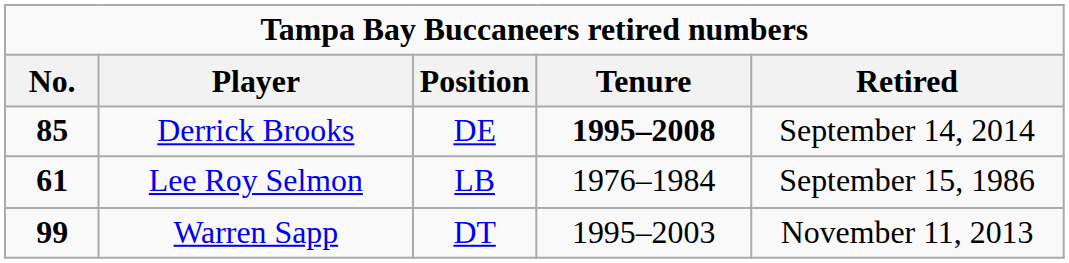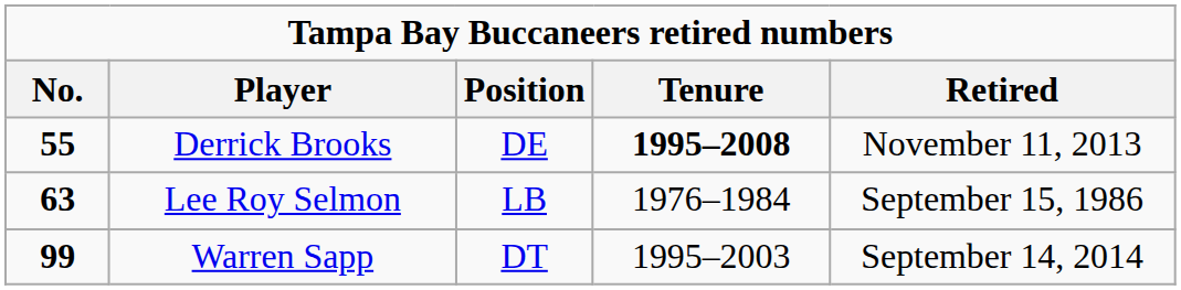 <table class="wikitable sortable" style="text-align:center">
 <tr>
 <td colspan="5"><strong>Tampa Bay Buccaneers retired numbers</strong></td>
 </tr>
 <tr>
 <th style="width:40px; ">No.</th>
 <th style="width:150px; ">Player</th>
 <th style="width:40px; ">Position</th>
 <th style="width:100px; ">Tenure</th>
 <th style="width:150px; ">Retired</th>
 </tr>
 <tr>
-<td><strong>85</strong></td>
+<td><strong>55</strong></td>
 <td><a href='#'>Derrick Brooks</a></td>
 <td><a href='#'>DE</a></td>
 <td><strong>1995–2008</strong></td>
-<td>September 14, 2014</td>
+<td>November 11, 2013</td>
 </tr>
 <tr>
-<td><strong>61</strong></td>
+<td><strong>63</strong></td>
 <td><a href='#'>Lee Roy Selmon</a></td>
 <td><a href='#'>LB</a></td>
 <td>1976–1984</td>
 <td>September 15, 1986</td>
 </tr>
 <tr>
 <td><strong>99</strong></td>
 <td><a href='#'>Warren Sapp</a></td>
 <td><a href='#'>DT</a></td>
 <td>1995–2003</td>
-<td>November 11, 2013</td>
+<td>September 14, 2014</td>
 </tr>
 </table>
